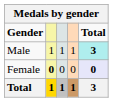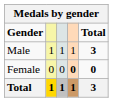 <table class="wikitable" style="text-align:center;font-size:90%">
 <tr style="background:#efefef;">
 <th colspan=7>Medals by gender</th>
 </tr>
 <tr>
 <td><strong>Gender</strong></td>
 <td bgcolor=#f7f6a8></td>
 <td bgcolor=#dce5e5></td>
 <td bgcolor=#ffdab9></td>
 <td><strong>Total</strong></td>
 </tr>
 <tr>
 <td style="text-align:left;">Male</td>
 <td style="background:#F7F6A8;">1</td>
 <td style="background:#DCE5E5;">1</td>
 <td style="background:#FFDAB9;">1</td>
-<td style="background: paleturquoise;"><strong>3</strong></td>
+<td><strong>3</strong></td>
 </tr>
 <tr>
 <td style="text-align:left;">Female</td>
-<td style="background:#F7F6A8;"><strong>0</strong></td>
+<td style="background:#F7F6A8;">0</td>
 <td style="background:#DCE5E5;">0</td>
-<td style="background:#FFDAB9;">0</td>
-<td style="background: lavender;"><strong>0</strong></td>
+<td style="background:#FFDAB9;"><strong>0</strong></td>
+<td><strong>0</strong></td>
 </tr>
 <tr>
 <th style="text-align:left;">Total</th>
 <th style="background:gold;">1</th>
 <th style="background:silver;">1</th>
 <th style="background:#c96;">1</th>
 <th>3</th>
 </tr>
 </table>
